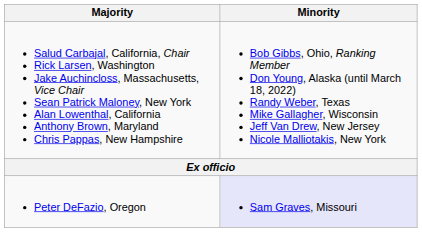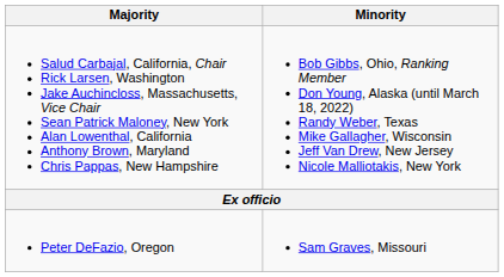 <table class=wikitable>
 <tr>
 <th>Majority</th>
 <th>Minority</th>
 </tr>
 <tr>
 <td><br><ul><li><a href='#'>Salud Carbajal</a>, California, <em>Chair</em></li><li><a href='#'>Rick Larsen</a>, Washington</li><li><a href='#'>Jake Auchincloss</a>, Massachusetts, <em>Vice Chair</em></li><li><a href='#'>Sean Patrick Maloney</a>, New York</li><li><a href='#'>Alan Lowenthal</a>, California</li><li><a href='#'>Anthony Brown</a>, Maryland</li><li><a href='#'>Chris Pappas</a>, New Hampshire</li></ul></td>
 <td><br><ul><li><a href='#'>Bob Gibbs</a>, Ohio, <em>Ranking Member</em></li><li><a href='#'>Don Young</a>, Alaska (until March 18, 2022)</li><li><a href='#'>Randy Weber</a>, Texas</li><li><a href='#'>Mike Gallagher</a>, Wisconsin</li><li><a href='#'>Jeff Van Drew</a>, New Jersey</li><li><a href='#'>Nicole Malliotakis</a>, New York</li></ul></td>
 </tr>
 <tr>
 <th colspan=2><em>Ex officio</em></th>
 </tr>
 <tr>
 <td><br><ul><li><a href='#'>Peter DeFazio</a>, Oregon</li></ul></td>
-<td style="background: lavender;"><br><ul><li><a href='#'>Sam Graves</a>, Missouri</li></ul></td>
+<td><br><ul><li><a href='#'>Sam Graves</a>, Missouri</li></ul></td>
 </tr>
 </table>
